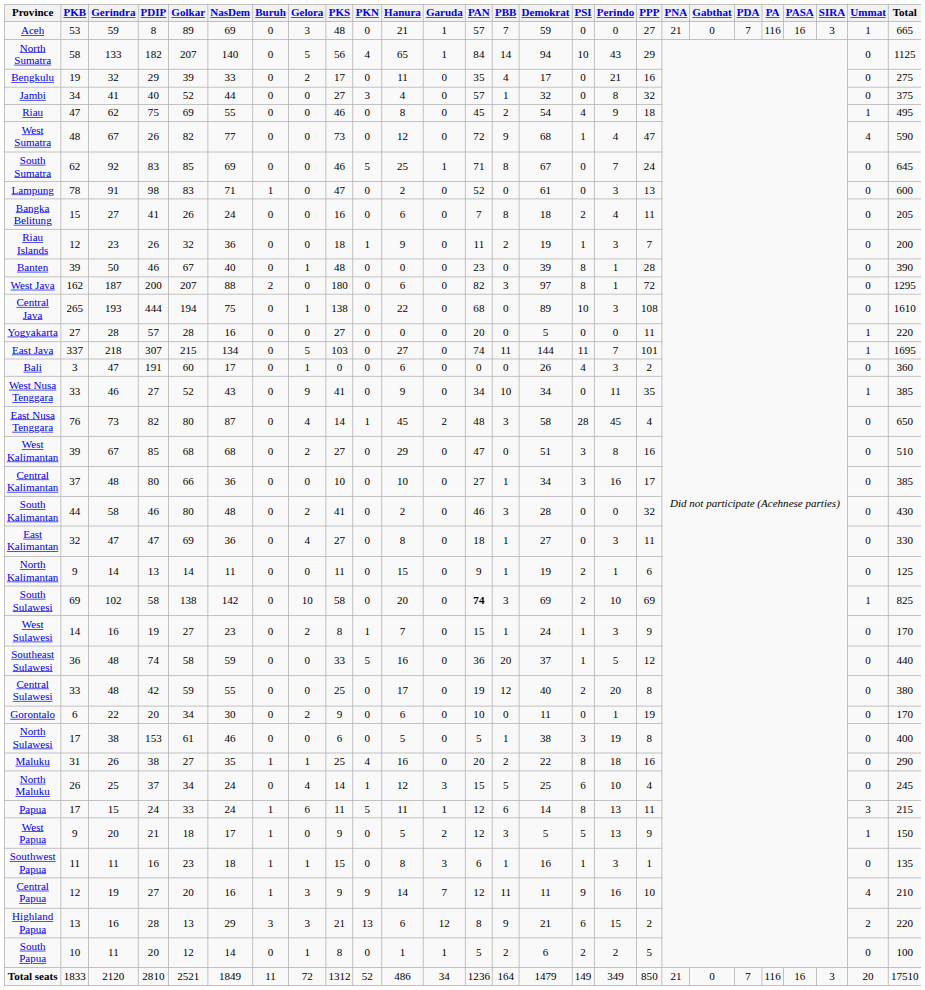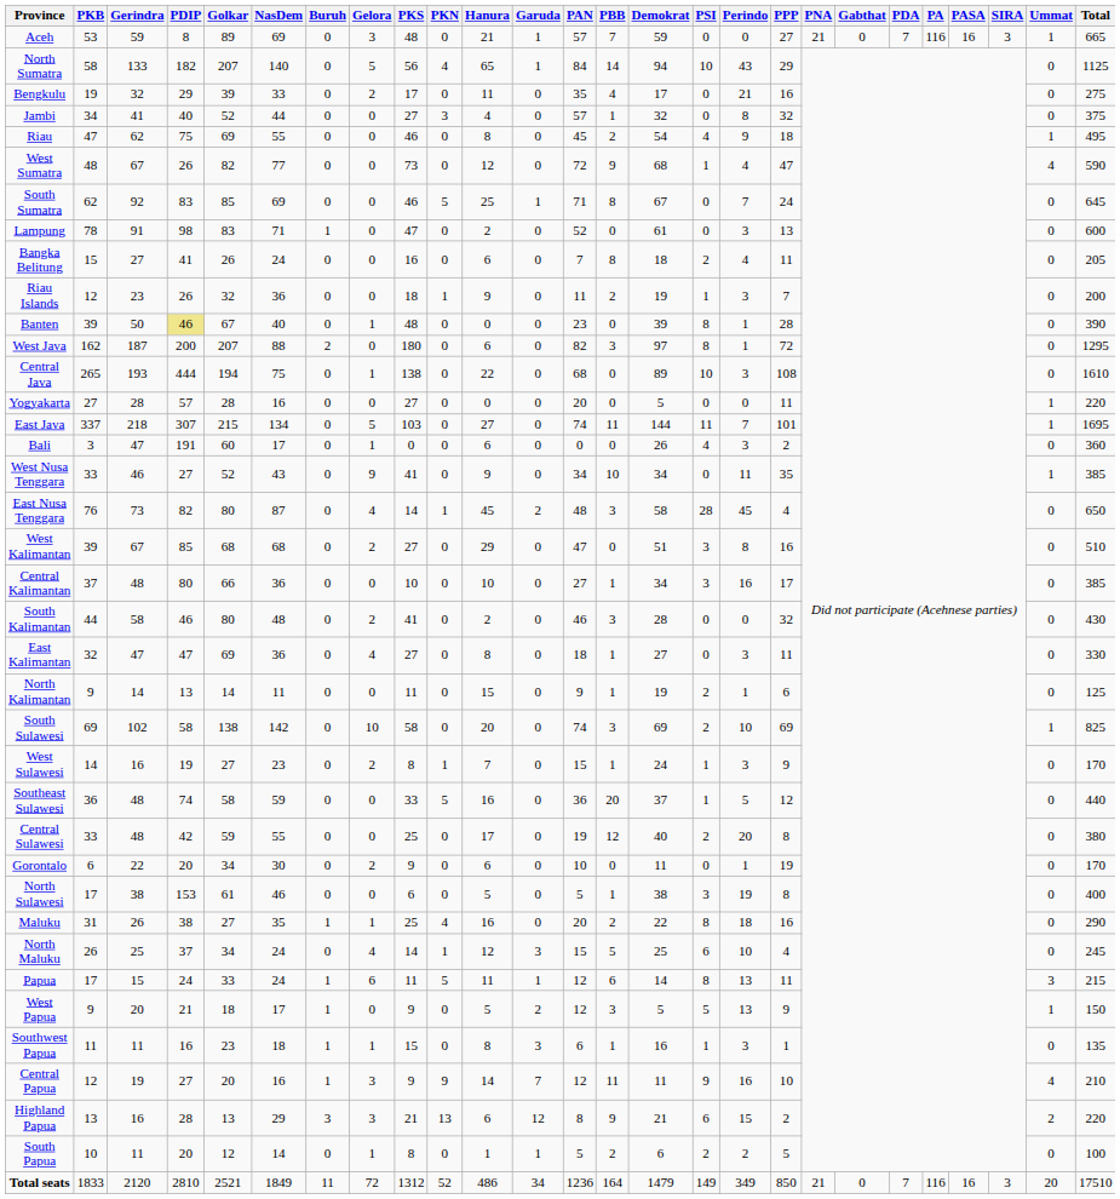 <table class="wikitable sortable" style="text-align:center">
 <tr>
 <th>Province</th>
 <th scope=col width=3%><a href='#'>PKB</a></th>
 <th scope=col width=3%><a href='#'>Gerindra</a></th>
 <th scope=col width=3%><a href='#'>PDIP</a></th>
 <th scope=col width=3%><a href='#'>Golkar</a></th>
 <th scope=col width=3%><a href='#'>NasDem</a></th>
 <th scope=col width=3%><a href='#'>Buruh</a></th>
 <th scope=col width=3%><a href='#'>Gelora</a></th>
 <th scope=col width=3%><a href='#'>PKS</a></th>
 <th scope=col width=3%><a href='#'>PKN</a></th>
 <th scope=col width=3%><a href='#'>Hanura</a></th>
 <th scope=col width=3%><a href='#'>Garuda</a></th>
 <th scope=col width=3%><a href='#'>PAN</a></th>
 <th scope=col width=3%><a href='#'>PBB</a></th>
 <th scope=col width=3%><a href='#'>Demokrat</a></th>
 <th scope=col width=3%><a href='#'>PSI</a></th>
 <th scope=col width=3%><a href='#'>Perindo</a></th>
 <th scope=col width=3%><a href='#'>PPP</a></th>
 <th scope=col width=3%><a href='#'>PNA</a></th>
 <th scope=col width=3%><a href='#'>Gabthat</a></th>
 <th scope=col width=3%><a href='#'>PDA</a></th>
 <th scope=col width=3%><a href='#'>PA</a></th>
 <th scope=col width=3%><a href='#'>PASA</a></th>
 <th scope=col width=3%><a href='#'>SIRA</a></th>
 <th scope=col width=3%><a href='#'>Ummat</a></th>
 <th scope=col width=3%>Total</th>
 </tr>
 <tr>
 <td><a href='#'>Aceh</a></td>
 <td>53</td>
 <td>59</td>
 <td>8</td>
 <td>89</td>
 <td>69</td>
 <td>0</td>
 <td>3</td>
 <td>48</td>
 <td>0</td>
 <td>21</td>
 <td>1</td>
 <td>57</td>
 <td>7</td>
 <td>59</td>
 <td>0</td>
 <td>0</td>
 <td>27</td>
 <td>21</td>
 <td>0</td>
 <td>7</td>
 <td>116</td>
 <td>16</td>
 <td>3</td>
 <td>1</td>
 <td>665</td>
 </tr>
 <tr>
 <td><a href='#'>North Sumatra</a></td>
 <td>58</td>
 <td>133</td>
 <td>182</td>
 <td>207</td>
 <td>140</td>
 <td>0</td>
 <td>5</td>
 <td>56</td>
 <td>4</td>
 <td>65</td>
 <td>1</td>
 <td>84</td>
 <td>14</td>
 <td>94</td>
 <td>10</td>
 <td>43</td>
 <td>29</td>
 <td colspan=6 rowspan=36><em>Did not participate (Acehnese parties)</em></td>
 <td>0</td>
 <td>1125</td>
 </tr>
 <tr>
 <td><a href='#'>Bengkulu</a></td>
 <td>19</td>
 <td>32</td>
 <td>29</td>
 <td>39</td>
 <td>33</td>
 <td>0</td>
 <td>2</td>
 <td>17</td>
 <td>0</td>
 <td>11</td>
 <td>0</td>
 <td>35</td>
 <td>4</td>
 <td>17</td>
 <td>0</td>
 <td>21</td>
 <td>16</td>
 <td>0</td>
 <td>275</td>
 </tr>
 <tr>
 <td><a href='#'>Jambi</a></td>
 <td>34</td>
 <td>41</td>
 <td>40</td>
 <td>52</td>
 <td>44</td>
 <td>0</td>
 <td>0</td>
 <td>27</td>
 <td>3</td>
 <td>4</td>
 <td>0</td>
 <td>57</td>
 <td>1</td>
 <td>32</td>
 <td>0</td>
 <td>8</td>
 <td>32</td>
 <td>0</td>
 <td>375</td>
 </tr>
 <tr>
 <td><a href='#'>Riau</a></td>
 <td>47</td>
 <td>62</td>
 <td>75</td>
 <td>69</td>
 <td>55</td>
 <td>0</td>
 <td>0</td>
 <td>46</td>
 <td>0</td>
 <td>8</td>
 <td>0</td>
 <td>45</td>
 <td>2</td>
 <td>54</td>
 <td>4</td>
 <td>9</td>
 <td>18</td>
 <td>1</td>
 <td>495</td>
 </tr>
 <tr>
 <td><a href='#'>West Sumatra</a></td>
 <td>48</td>
 <td>67</td>
 <td>26</td>
 <td>82</td>
 <td>77</td>
 <td>0</td>
 <td>0</td>
 <td>73</td>
 <td>0</td>
 <td>12</td>
 <td>0</td>
 <td>72</td>
 <td>9</td>
 <td>68</td>
 <td>1</td>
 <td>4</td>
 <td>47</td>
 <td>4</td>
 <td>590</td>
 </tr>
 <tr>
 <td><a href='#'>South Sumatra</a></td>
 <td>62</td>
 <td>92</td>
 <td>83</td>
 <td>85</td>
 <td>69</td>
 <td>0</td>
 <td>0</td>
 <td>46</td>
 <td>5</td>
 <td>25</td>
 <td>1</td>
 <td>71</td>
 <td>8</td>
 <td>67</td>
 <td>0</td>
 <td>7</td>
 <td>24</td>
 <td>0</td>
 <td>645</td>
 </tr>
 <tr>
 <td><a href='#'>Lampung</a></td>
 <td>78</td>
 <td>91</td>
 <td>98</td>
 <td>83</td>
 <td>71</td>
 <td>1</td>
 <td>0</td>
 <td>47</td>
 <td>0</td>
 <td>2</td>
 <td>0</td>
 <td>52</td>
 <td>0</td>
 <td>61</td>
 <td>0</td>
 <td>3</td>
 <td>13</td>
 <td>0</td>
 <td>600</td>
 </tr>
 <tr>
 <td><a href='#'>Bangka Belitung</a></td>
 <td>15</td>
 <td>27</td>
 <td>41</td>
 <td>26</td>
 <td>24</td>
 <td>0</td>
 <td>0</td>
 <td>16</td>
 <td>0</td>
 <td>6</td>
 <td>0</td>
 <td>7</td>
 <td>8</td>
 <td>18</td>
 <td>2</td>
 <td>4</td>
 <td>11</td>
 <td>0</td>
 <td>205</td>
 </tr>
 <tr>
 <td><a href='#'>Riau Islands</a></td>
 <td>12</td>
 <td>23</td>
 <td>26</td>
 <td>32</td>
 <td>36</td>
 <td>0</td>
 <td>0</td>
 <td>18</td>
 <td>1</td>
 <td>9</td>
 <td>0</td>
 <td>11</td>
 <td>2</td>
 <td>19</td>
 <td>1</td>
 <td>3</td>
 <td>7</td>
 <td>0</td>
 <td>200</td>
 </tr>
 <tr>
 <td><a href='#'>Banten</a></td>
 <td>39</td>
 <td>50</td>
-<td>46</td>
+<td style="background: khaki;">46</td>
 <td>67</td>
 <td>40</td>
 <td>0</td>
 <td>1</td>
 <td>48</td>
 <td>0</td>
 <td>0</td>
 <td>0</td>
 <td>23</td>
 <td>0</td>
 <td>39</td>
 <td>8</td>
 <td>1</td>
 <td>28</td>
 <td>0</td>
 <td>390</td>
 </tr>
 <tr>
 <td><a href='#'>West Java</a></td>
 <td>162</td>
 <td>187</td>
 <td>200</td>
 <td>207</td>
 <td>88</td>
 <td>2</td>
 <td>0</td>
 <td>180</td>
 <td>0</td>
 <td>6</td>
 <td>0</td>
 <td>82</td>
 <td>3</td>
 <td>97</td>
 <td>8</td>
 <td>1</td>
 <td>72</td>
 <td>0</td>
 <td>1295</td>
 </tr>
 <tr>
 <td><a href='#'>Central Java</a></td>
 <td>265</td>
 <td>193</td>
 <td>444</td>
 <td>194</td>
 <td>75</td>
 <td>0</td>
 <td>1</td>
 <td>138</td>
 <td>0</td>
 <td>22</td>
 <td>0</td>
 <td>68</td>
 <td>0</td>
 <td>89</td>
 <td>10</td>
 <td>3</td>
 <td>108</td>
 <td>0</td>
 <td>1610</td>
 </tr>
 <tr>
 <td><a href='#'>Yogyakarta</a></td>
 <td>27</td>
 <td>28</td>
 <td>57</td>
 <td>28</td>
 <td>16</td>
 <td>0</td>
 <td>0</td>
 <td>27</td>
 <td>0</td>
 <td>0</td>
 <td>0</td>
 <td>20</td>
 <td>0</td>
 <td>5</td>
 <td>0</td>
 <td>0</td>
 <td>11</td>
 <td>1</td>
 <td>220</td>
 </tr>
 <tr>
 <td><a href='#'>East Java</a></td>
 <td>337</td>
 <td>218</td>
 <td>307</td>
 <td>215</td>
 <td>134</td>
 <td>0</td>
 <td>5</td>
 <td>103</td>
 <td>0</td>
 <td>27</td>
 <td>0</td>
 <td>74</td>
 <td>11</td>
 <td>144</td>
 <td>11</td>
 <td>7</td>
 <td>101</td>
 <td>1</td>
 <td>1695</td>
 </tr>
 <tr>
 <td><a href='#'>Bali</a></td>
 <td>3</td>
 <td>47</td>
 <td>191</td>
 <td>60</td>
 <td>17</td>
 <td>0</td>
 <td>1</td>
 <td>0</td>
 <td>0</td>
 <td>6</td>
 <td>0</td>
 <td>0</td>
 <td>0</td>
 <td>26</td>
 <td>4</td>
 <td>3</td>
 <td>2</td>
 <td>0</td>
 <td>360</td>
 </tr>
 <tr>
 <td><a href='#'>West Nusa Tenggara</a></td>
 <td>33</td>
 <td>46</td>
 <td>27</td>
 <td>52</td>
 <td>43</td>
 <td>0</td>
 <td>9</td>
 <td>41</td>
 <td>0</td>
 <td>9</td>
 <td>0</td>
 <td>34</td>
 <td>10</td>
 <td>34</td>
 <td>0</td>
 <td>11</td>
 <td>35</td>
 <td>1</td>
 <td>385</td>
 </tr>
 <tr>
 <td><a href='#'>East Nusa Tenggara</a></td>
 <td>76</td>
 <td>73</td>
 <td>82</td>
 <td>80</td>
 <td>87</td>
 <td>0</td>
 <td>4</td>
 <td>14</td>
 <td>1</td>
 <td>45</td>
 <td>2</td>
 <td>48</td>
 <td>3</td>
 <td>58</td>
 <td>28</td>
 <td>45</td>
 <td>4</td>
 <td>0</td>
 <td>650</td>
 </tr>
 <tr>
 <td><a href='#'>West Kalimantan</a></td>
 <td>39</td>
 <td>67</td>
 <td>85</td>
 <td>68</td>
 <td>68</td>
 <td>0</td>
 <td>2</td>
 <td>27</td>
 <td>0</td>
 <td>29</td>
 <td>0</td>
 <td>47</td>
 <td>0</td>
 <td>51</td>
 <td>3</td>
 <td>8</td>
 <td>16</td>
 <td>0</td>
 <td>510</td>
 </tr>
 <tr>
 <td><a href='#'>Central Kalimantan</a></td>
 <td>37</td>
 <td>48</td>
 <td>80</td>
 <td>66</td>
 <td>36</td>
 <td>0</td>
 <td>0</td>
 <td>10</td>
 <td>0</td>
 <td>10</td>
 <td>0</td>
 <td>27</td>
 <td>1</td>
 <td>34</td>
 <td>3</td>
 <td>16</td>
 <td>17</td>
 <td>0</td>
 <td>385</td>
 </tr>
 <tr>
 <td><a href='#'>South Kalimantan</a></td>
 <td>44</td>
 <td>58</td>
 <td>46</td>
 <td>80</td>
 <td>48</td>
 <td>0</td>
 <td>2</td>
 <td>41</td>
 <td>0</td>
 <td>2</td>
 <td>0</td>
 <td>46</td>
 <td>3</td>
 <td>28</td>
 <td>0</td>
 <td>0</td>
 <td>32</td>
 <td>0</td>
 <td>430</td>
 </tr>
 <tr>
 <td><a href='#'>East Kalimantan</a></td>
 <td>32</td>
 <td>47</td>
 <td>47</td>
 <td>69</td>
 <td>36</td>
 <td>0</td>
 <td>4</td>
 <td>27</td>
 <td>0</td>
 <td>8</td>
 <td>0</td>
 <td>18</td>
 <td>1</td>
 <td>27</td>
 <td>0</td>
 <td>3</td>
 <td>11</td>
 <td>0</td>
 <td>330</td>
 </tr>
 <tr>
 <td><a href='#'>North Kalimantan</a></td>
 <td>9</td>
 <td>14</td>
 <td>13</td>
 <td>14</td>
 <td>11</td>
 <td>0</td>
 <td>0</td>
 <td>11</td>
 <td>0</td>
 <td>15</td>
 <td>0</td>
 <td>9</td>
 <td>1</td>
 <td>19</td>
 <td>2</td>
 <td>1</td>
 <td>6</td>
 <td>0</td>
 <td>125</td>
 </tr>
 <tr>
 <td><a href='#'>South Sulawesi</a></td>
 <td>69</td>
 <td>102</td>
 <td>58</td>
 <td>138</td>
 <td>142</td>
 <td>0</td>
 <td>10</td>
 <td>58</td>
 <td>0</td>
 <td>20</td>
 <td>0</td>
-<td><strong>74</strong></td>
+<td>74</td>
 <td>3</td>
 <td>69</td>
 <td>2</td>
 <td>10</td>
 <td>69</td>
 <td>1</td>
 <td>825</td>
 </tr>
 <tr>
 <td><a href='#'>West Sulawesi</a></td>
 <td>14</td>
 <td>16</td>
 <td>19</td>
 <td>27</td>
 <td>23</td>
 <td>0</td>
 <td>2</td>
 <td>8</td>
 <td>1</td>
 <td>7</td>
 <td>0</td>
 <td>15</td>
 <td>1</td>
 <td>24</td>
 <td>1</td>
 <td>3</td>
 <td>9</td>
 <td>0</td>
 <td>170</td>
 </tr>
 <tr>
 <td><a href='#'>Southeast Sulawesi</a></td>
 <td>36</td>
 <td>48</td>
 <td>74</td>
 <td>58</td>
 <td>59</td>
 <td>0</td>
 <td>0</td>
 <td>33</td>
 <td>5</td>
 <td>16</td>
 <td>0</td>
 <td>36</td>
 <td>20</td>
 <td>37</td>
 <td>1</td>
 <td>5</td>
 <td>12</td>
 <td>0</td>
 <td>440</td>
 </tr>
 <tr>
 <td><a href='#'>Central Sulawesi</a></td>
 <td>33</td>
 <td>48</td>
 <td>42</td>
 <td>59</td>
 <td>55</td>
 <td>0</td>
 <td>0</td>
 <td>25</td>
 <td>0</td>
 <td>17</td>
 <td>0</td>
 <td>19</td>
 <td>12</td>
 <td>40</td>
 <td>2</td>
 <td>20</td>
 <td>8</td>
 <td>0</td>
 <td>380</td>
 </tr>
 <tr>
 <td><a href='#'>Gorontalo</a></td>
 <td>6</td>
 <td>22</td>
 <td>20</td>
 <td>34</td>
 <td>30</td>
 <td>0</td>
 <td>2</td>
 <td>9</td>
 <td>0</td>
 <td>6</td>
 <td>0</td>
 <td>10</td>
 <td>0</td>
 <td>11</td>
 <td>0</td>
 <td>1</td>
 <td>19</td>
 <td>0</td>
 <td>170</td>
 </tr>
 <tr>
 <td><a href='#'>North Sulawesi</a></td>
 <td>17</td>
 <td>38</td>
 <td>153</td>
 <td>61</td>
 <td>46</td>
 <td>0</td>
 <td>0</td>
 <td>6</td>
 <td>0</td>
 <td>5</td>
 <td>0</td>
 <td>5</td>
 <td>1</td>
 <td>38</td>
 <td>3</td>
 <td>19</td>
 <td>8</td>
 <td>0</td>
 <td>400</td>
 </tr>
 <tr>
 <td><a href='#'>Maluku</a></td>
 <td>31</td>
 <td>26</td>
 <td>38</td>
 <td>27</td>
 <td>35</td>
 <td>1</td>
 <td>1</td>
 <td>25</td>
 <td>4</td>
 <td>16</td>
 <td>0</td>
 <td>20</td>
 <td>2</td>
 <td>22</td>
 <td>8</td>
 <td>18</td>
 <td>16</td>
 <td>0</td>
 <td>290</td>
 </tr>
 <tr>
 <td><a href='#'>North Maluku</a></td>
 <td>26</td>
 <td>25</td>
 <td>37</td>
 <td>34</td>
 <td>24</td>
 <td>0</td>
 <td>4</td>
 <td>14</td>
 <td>1</td>
 <td>12</td>
 <td>3</td>
 <td>15</td>
 <td>5</td>
 <td>25</td>
 <td>6</td>
 <td>10</td>
 <td>4</td>
 <td>0</td>
 <td>245</td>
 </tr>
 <tr>
 <td><a href='#'>Papua</a></td>
 <td>17</td>
 <td>15</td>
 <td>24</td>
 <td>33</td>
 <td>24</td>
 <td>1</td>
 <td>6</td>
 <td>11</td>
 <td>5</td>
 <td>11</td>
 <td>1</td>
 <td>12</td>
 <td>6</td>
 <td>14</td>
 <td>8</td>
 <td>13</td>
 <td>11</td>
 <td>3</td>
 <td>215</td>
 </tr>
 <tr>
 <td><a href='#'>West Papua</a></td>
 <td>9</td>
 <td>20</td>
 <td>21</td>
 <td>18</td>
 <td>17</td>
 <td>1</td>
 <td>0</td>
 <td>9</td>
 <td>0</td>
 <td>5</td>
 <td>2</td>
 <td>12</td>
 <td>3</td>
 <td>5</td>
 <td>5</td>
 <td>13</td>
 <td>9</td>
 <td>1</td>
 <td>150</td>
 </tr>
 <tr>
 <td><a href='#'>Southwest Papua</a></td>
 <td>11</td>
 <td>11</td>
 <td>16</td>
 <td>23</td>
 <td>18</td>
 <td>1</td>
 <td>1</td>
 <td>15</td>
 <td>0</td>
 <td>8</td>
 <td>3</td>
 <td>6</td>
 <td>1</td>
 <td>16</td>
 <td>1</td>
 <td>3</td>
 <td>1</td>
 <td>0</td>
 <td>135</td>
 </tr>
 <tr>
 <td><a href='#'>Central Papua</a></td>
 <td>12</td>
 <td>19</td>
 <td>27</td>
 <td>20</td>
 <td>16</td>
 <td>1</td>
 <td>3</td>
 <td>9</td>
 <td>9</td>
 <td>14</td>
 <td>7</td>
 <td>12</td>
 <td>11</td>
 <td>11</td>
 <td>9</td>
 <td>16</td>
 <td>10</td>
 <td>4</td>
 <td>210</td>
 </tr>
 <tr>
 <td><a href='#'>Highland Papua</a></td>
 <td>13</td>
 <td>16</td>
 <td>28</td>
 <td>13</td>
 <td>29</td>
 <td>3</td>
 <td>3</td>
 <td>21</td>
 <td>13</td>
 <td>6</td>
 <td>12</td>
 <td>8</td>
 <td>9</td>
 <td>21</td>
 <td>6</td>
 <td>15</td>
 <td>2</td>
 <td>2</td>
 <td>220</td>
 </tr>
 <tr>
 <td><a href='#'>South Papua</a></td>
 <td>10</td>
 <td>11</td>
 <td>20</td>
 <td>12</td>
 <td>14</td>
 <td>0</td>
 <td>1</td>
 <td>8</td>
 <td>0</td>
 <td>1</td>
 <td>1</td>
 <td>5</td>
 <td>2</td>
 <td>6</td>
 <td>2</td>
 <td>2</td>
 <td>5</td>
 <td>0</td>
 <td>100</td>
 </tr>
 <tr>
 <td><strong>Total seats</strong></td>
 <td>1833 </td>
 <td>2120 </td>
 <td>2810 </td>
 <td>2521 </td>
 <td>1849 </td>
 <td>11 </td>
 <td>72 </td>
 <td>1312 </td>
 <td>52 </td>
 <td>486 </td>
 <td>34 </td>
 <td>1236 </td>
 <td>164 </td>
 <td>1479 </td>
 <td>149 </td>
 <td>349 </td>
 <td>850 </td>
 <td>21 </td>
 <td>0 </td>
 <td>7 </td>
 <td>116 </td>
 <td>16 </td>
 <td>3 </td>
 <td>20 </td>
 <td>17510</td>
 </tr>
 </table>
